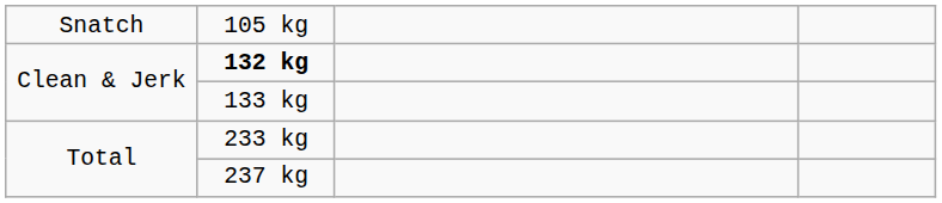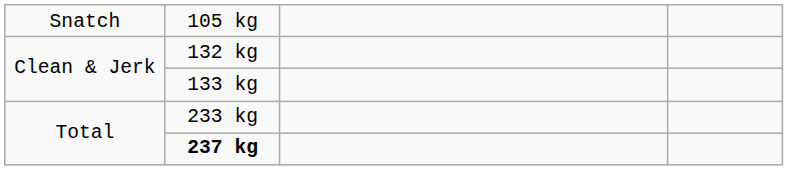 <table class = "wikitable" style="text-align:center;">
 <tr>
 <td width=100>Snatch</td>
 <td width=70>105 kg</td>
 <td width=250 align=left></td>
 <td width=70></td>
 </tr>
 <tr>
 <td rowspan=2>Clean & Jerk</td>
-<td><strong>132 kg</strong></td>
+<td>132 kg</td>
 <td align=left></td>
 <td></td>
 </tr>
 <tr>
 <td>133 kg</td>
 <td align=left></td>
 <td></td>
 </tr>
 <tr>
 <td rowspan=2>Total</td>
 <td>233 kg</td>
 <td align=left></td>
 <td></td>
 </tr>
 <tr>
-<td>237 kg</td>
+<td><strong>237 kg</strong></td>
 <td align=left></td>
 <td></td>
 </tr>
 </table>
